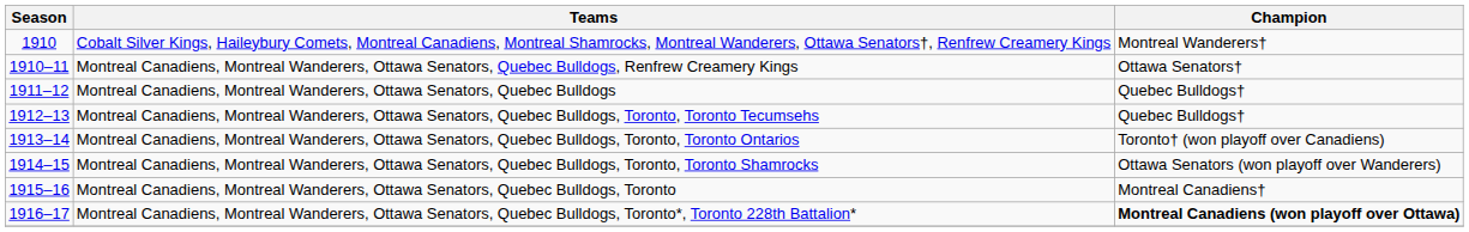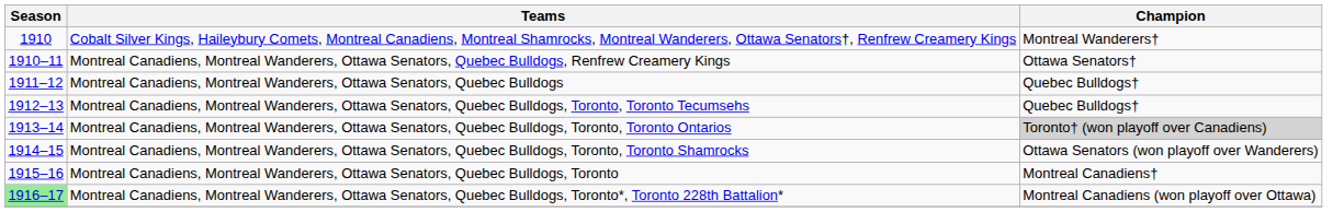 <table class=wikitable>
 <tr>
 <th>Season</th>
 <th>Teams</th>
 <th>Champion</th>
 </tr>
 <tr>
 <td align=center><a href='#'>1910</a></td>
 <td><a href='#'>Cobalt Silver Kings</a>, <a href='#'>Haileybury Comets</a>, <a href='#'>Montreal Canadiens</a>, <a href='#'>Montreal Shamrocks</a>, <a href='#'>Montreal Wanderers</a>, <a href='#'>Ottawa Senators</a>†, <a href='#'>Renfrew Creamery Kings</a></td>
 <td>Montreal Wanderers†</td>
 </tr>
 <tr>
 <td align=center><a href='#'>1910–11</a></td>
 <td>Montreal Canadiens, Montreal Wanderers, Ottawa Senators, <a href='#'>Quebec Bulldogs</a>, Renfrew Creamery Kings</td>
 <td>Ottawa Senators†</td>
 </tr>
 <tr>
 <td align=center><a href='#'>1911–12</a></td>
 <td>Montreal Canadiens, Montreal Wanderers, Ottawa Senators, Quebec Bulldogs</td>
 <td>Quebec Bulldogs†</td>
 </tr>
 <tr>
 <td align=center><a href='#'>1912–13</a></td>
 <td>Montreal Canadiens, Montreal Wanderers, Ottawa Senators, Quebec Bulldogs, <a href='#'>Toronto</a>, <a href='#'>Toronto Tecumsehs</a></td>
 <td>Quebec Bulldogs†</td>
 </tr>
 <tr>
 <td align=center><a href='#'>1913–14</a></td>
 <td>Montreal Canadiens, Montreal Wanderers, Ottawa Senators, Quebec Bulldogs, Toronto, <a href='#'>Toronto Ontarios</a></td>
-<td>Toronto† (won playoff over Canadiens)</td>
+<td style="background: lightgrey;">Toronto† (won playoff over Canadiens)</td>
 </tr>
 <tr>
 <td align=center><a href='#'>1914–15</a></td>
 <td>Montreal Canadiens, Montreal Wanderers, Ottawa Senators, Quebec Bulldogs, Toronto, <a href='#'>Toronto Shamrocks</a></td>
 <td>Ottawa Senators (won playoff over Wanderers)</td>
 </tr>
 <tr>
 <td align=center><a href='#'>1915–16</a></td>
 <td>Montreal Canadiens, Montreal Wanderers, Ottawa Senators, Quebec Bulldogs, Toronto</td>
 <td>Montreal Canadiens†</td>
 </tr>
 <tr>
-<td align=center><a href='#'>1916–17</a></td>
+<td align=center style="background: lightgreen;"><a href='#'>1916–17</a></td>
 <td>Montreal Canadiens, Montreal Wanderers, Ottawa Senators, Quebec Bulldogs, Toronto*, <a href='#'>Toronto 228th Battalion</a>*</td>
-<td><strong>Montreal Canadiens (won playoff over Ottawa)</strong></td>
+<td>Montreal Canadiens (won playoff over Ottawa)</td>
 </tr>
 <tr>
 </tr>
 </table>
